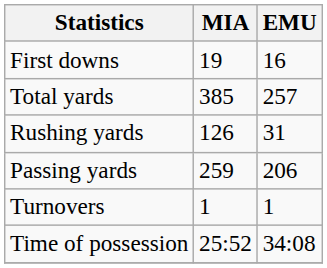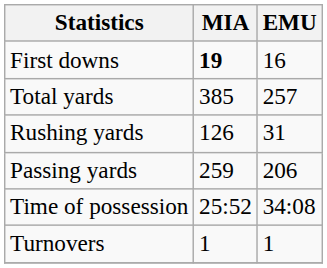 <table class="wikitable">
 <tr>
 <th>Statistics</th>
 <th>MIA</th>
 <th>EMU</th>
 </tr>
 <tr>
 <td>First downs</td>
-<td>19</td>
+<td><strong>19</strong></td>
 <td>16</td>
 </tr>
 <tr>
 <td>Total yards</td>
 <td>385</td>
 <td>257</td>
 </tr>
 <tr>
 <td>Rushing yards</td>
 <td>126</td>
 <td>31</td>
 </tr>
 <tr>
 <td>Passing yards</td>
 <td>259</td>
 <td>206</td>
 </tr>
 <tr>
+<td>Time of possession</td>
+<td>25:52</td>
+<td>34:08</td>
+</tr>
+<tr>
 <td>Turnovers</td>
 <td>1</td>
 <td>1</td>
 </tr>
 <tr>
-<td>Time of possession</td>
-<td>25:52</td>
-<td>34:08</td>
-</tr>
-<tr>
 </tr>
 </table>
